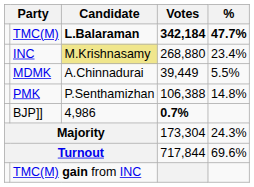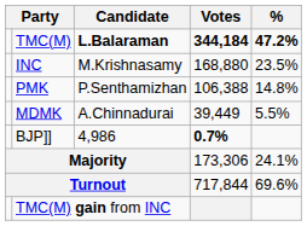 <table class="wikitable sortable">
 <tr>
 <th colspan="2">Party</th>
 <th>Candidate</th>
 <th>Votes</th>
 <th>%</th>
 </tr>
 <tr>
 <td></td>
 <td><a href='#'>TMC(M)</a></td>
 <td><strong>L.Balaraman</strong></td>
-<td><strong>342,184</strong></td>
-<td><strong>47.7%</strong></td>
+<td><strong>344,184</strong></td>
+<td><strong>47.2%</strong></td>
 </tr>
 <tr>
 <td></td>
 <td><a href='#'>INC</a></td>
-<td style="background: khaki;">M.Krishnasamy</td>
-<td>268,880</td>
-<td>23.4%</td>
+<td>M.Krishnasamy</td>
+<td>168,880</td>
+<td>23.5%</td>
+</tr>
+<tr>
+<td></td>
+<td><a href='#'>PMK</a></td>
+<td>P.Senthamizhan</td>
+<td>106,388</td>
+<td>14.8%</td>
 </tr>
 <tr>
 <td></td>
 <td><a href='#'>MDMK</a></td>
 <td>A.Chinnadurai</td>
 <td>39,449</td>
 <td>5.5%</td>
 </tr>
 <tr>
 <td></td>
-<td><a href='#'>PMK</a></td>
-<td>P.Senthamizhan</td>
-<td>106,388</td>
-<td>14.8%</td>
-</tr>
-<tr>
-<td></td>
 <td>BJP]]</td>
 <td>4,986</td>
 <td><strong>0.7%</strong></td>
 </tr>
 <tr>
 <th colspan="3">Majority</th>
-<td>173,304</td>
-<td>24.3%</td>
+<td>173,306</td>
+<td>24.1%</td>
 </tr>
 <tr>
 <th colspan="3"><a href='#'>Turnout</a></th>
 <td>717,844</td>
 <td>69.6%</td>
 </tr>
 <tr>
 <td></td>
 <td colspan="2"><a href='#'>TMC(M)</a> <strong>gain</strong> from <a href='#'>INC</a></td>
 <th></th>
 <td></td>
 </tr>
 </table>
